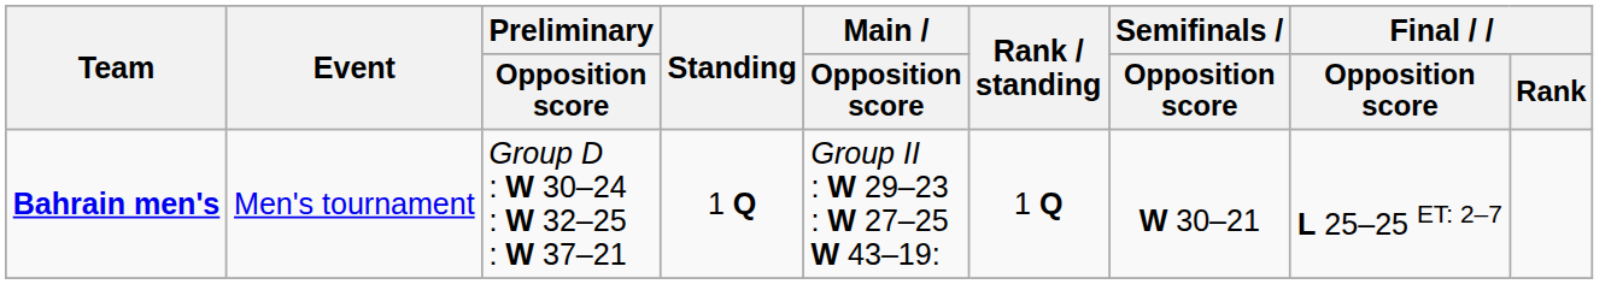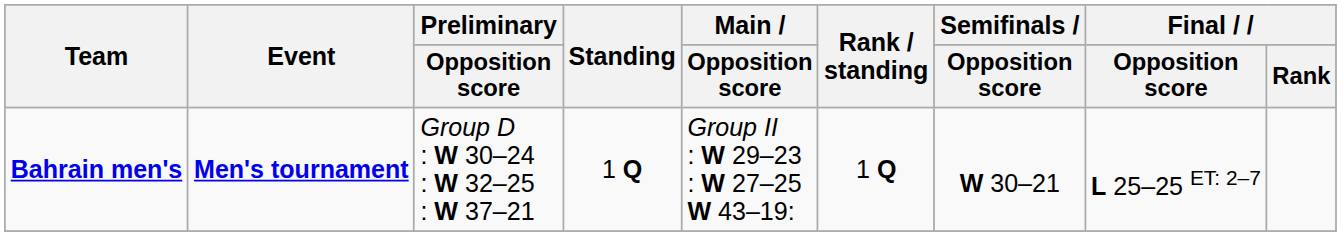 <table class=wikitable style=font-size:90%;text-align:center>
 <tr>
 <th rowspan=2>Team</th>
 <th rowspan=2>Event</th>
 <th>Preliminary</th>
 <th rowspan=2>Standing</th>
 <th>Main / </th>
 <th rowspan=2>Rank /<br> standing</th>
 <th>Semifinals / </th>
 <th colspan=2>Final /  / </th>
 </tr>
 <tr style="font-size:95%">
 <th>Opposition<br> score</th>
 <th>Opposition<br> score</th>
 <th>Opposition<br> score</th>
 <th>Opposition<br> score</th>
 <th>Rank</th>
 </tr>
 <tr>
 <td align=left><strong><a href='#'>Bahrain men's</a></strong></td>
-<td align=left><a href='#'>Men's tournament</a></td>
+<td align=left><strong><a href='#'>Men's tournament</a></strong></td>
 <td align=left><em>Group D</em><br>: <strong>W</strong> 30–24<br>: <strong>W</strong> 32–25<br>: <strong>W</strong> 37–21</td>
 <td>1 <strong>Q</strong></td>
 <td align=left><em>Group II</em><br>: <strong>W</strong> 29–23<br>: <strong>W</strong> 27–25<br> <strong>W</strong> 43–19:</td>
 <td>1 <strong>Q</strong></td>
 <td><br><strong>W</strong> 30–21</td>
 <td><br><strong>L</strong> 25–25 <sup>ET: 2–7</sup></td>
 <td></td>
 </tr>
 </table>
